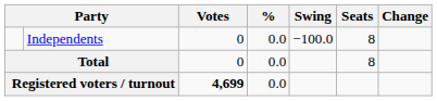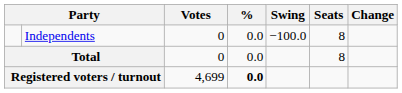 <table class="wikitable" style="text-align:right; margin-bottom:0">
 <tr>
 <th style="width:10px" colspan=3>Party</th>
 <th style="width:70px;">Votes</th>
 <th style="width:40px;">%</th>
 <th style="width:40px;">Swing</th>
 <th style="width:40px;">Seats</th>
 <th style="width:40px;">Change</th>
 </tr>
 <tr>
 <td> </td>
 <td style="text-align:left;" colspan="2"><a href='#'>Independents</a></td>
 <td>0</td>
 <td>0.0</td>
 <td>−100.0</td>
 <td>8</td>
 <td></td>
 </tr>
 <tr>
 <th colspan="3" rowspan="1"> <strong>Total </strong></th>
 <td>0</td>
 <td>0.0</td>
 <td></td>
 <td>8</td>
 <td></td>
 </tr>
 <tr>
 <th colspan="3" rowspan="1"> Registered voters / turnout</th>
-<td><strong>4,699</strong></td>
-<td>0.0</td>
+<td>4,699</td>
+<td><strong>0.0</strong></td>
 <td></td>
 <td></td>
 <td></td>
 </tr>
 </table>
